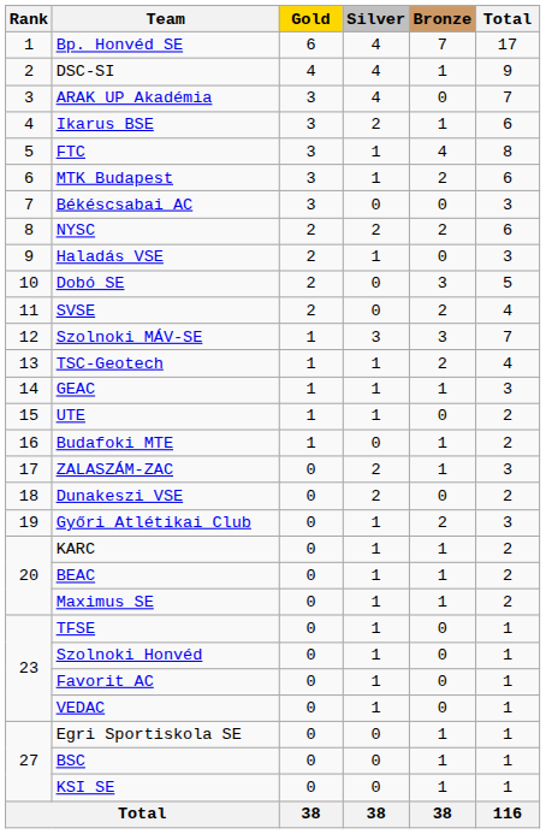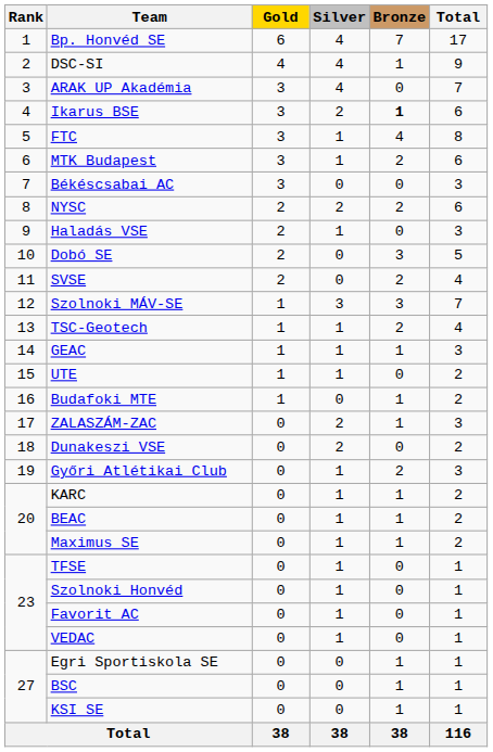 <table class="wikitable sortable" style="text-align:center">
 <tr>
 <th>Rank</th>
 <th width="175">Team</th>
 <th width=45; style="background-color:gold;">Gold</th>
 <th width=45; style="background-color:silver;">Silver</th>
 <th width=45; style="background-color:#cc9966;">Bronze</th>
 <th width="45">Total</th>
 </tr>
 <tr>
 <td>1</td>
 <td align=left><a href='#'>Bp. Honvéd SE</a></td>
 <td>6</td>
 <td>4</td>
 <td>7</td>
 <td>17</td>
 </tr>
 <tr>
 <td>2</td>
 <td align=left>DSC-SI</td>
 <td>4</td>
 <td>4</td>
 <td>1</td>
 <td>9</td>
 </tr>
 <tr>
 <td>3</td>
 <td align=left><a href='#'>ARAK UP Akadémia</a></td>
 <td>3</td>
 <td>4</td>
 <td>0</td>
 <td>7</td>
 </tr>
 <tr>
 <td>4</td>
 <td align=left><a href='#'>Ikarus BSE</a></td>
 <td>3</td>
 <td>2</td>
-<td>1</td>
+<td><strong>1</strong></td>
 <td>6</td>
 </tr>
 <tr>
 <td>5</td>
 <td align=left><a href='#'>FTC</a></td>
 <td>3</td>
 <td>1</td>
 <td>4</td>
 <td>8</td>
 </tr>
 <tr>
 <td>6</td>
 <td align=left><a href='#'>MTK Budapest</a></td>
 <td>3</td>
 <td>1</td>
 <td>2</td>
 <td>6</td>
 </tr>
 <tr>
 <td>7</td>
 <td align=left><a href='#'>Békéscsabai AC</a></td>
 <td>3</td>
 <td>0</td>
 <td>0</td>
 <td>3</td>
 </tr>
 <tr>
 <td>8</td>
 <td align=left><a href='#'>NYSC</a></td>
 <td>2</td>
 <td>2</td>
 <td>2</td>
 <td>6</td>
 </tr>
 <tr>
 <td>9</td>
 <td align=left><a href='#'>Haladás VSE</a></td>
 <td>2</td>
 <td>1</td>
 <td>0</td>
 <td>3</td>
 </tr>
 <tr>
 <td>10</td>
 <td align=left><a href='#'>Dobó SE</a></td>
 <td>2</td>
 <td>0</td>
 <td>3</td>
 <td>5</td>
 </tr>
 <tr>
 <td>11</td>
 <td align=left><a href='#'>SVSE</a></td>
 <td>2</td>
 <td>0</td>
 <td>2</td>
 <td>4</td>
 </tr>
 <tr>
 <td>12</td>
 <td align=left><a href='#'>Szolnoki MÁV-SE</a></td>
 <td>1</td>
 <td>3</td>
 <td>3</td>
 <td>7</td>
 </tr>
 <tr>
 <td>13</td>
 <td align=left><a href='#'>TSC-Geotech</a></td>
 <td>1</td>
 <td>1</td>
 <td>2</td>
 <td>4</td>
 </tr>
 <tr>
 <td>14</td>
 <td align=left><a href='#'>GEAC</a></td>
 <td>1</td>
 <td>1</td>
 <td>1</td>
 <td>3</td>
 </tr>
 <tr>
 <td>15</td>
 <td align=left><a href='#'>UTE</a></td>
 <td>1</td>
 <td>1</td>
 <td>0</td>
 <td>2</td>
 </tr>
 <tr>
 <td>16</td>
 <td align=left><a href='#'>Budafoki MTE</a></td>
 <td>1</td>
 <td>0</td>
 <td>1</td>
 <td>2</td>
 </tr>
 <tr>
 <td>17</td>
 <td align=left><a href='#'>ZALASZÁM-ZAC</a></td>
 <td>0</td>
 <td>2</td>
 <td>1</td>
 <td>3</td>
 </tr>
 <tr>
 <td>18</td>
 <td align=left><a href='#'>Dunakeszi VSE</a></td>
 <td>0</td>
 <td>2</td>
 <td>0</td>
 <td>2</td>
 </tr>
 <tr>
 <td>19</td>
 <td align=left><a href='#'>Győri Atlétikai Club</a></td>
 <td>0</td>
 <td>1</td>
 <td>2</td>
 <td>3</td>
 </tr>
 <tr>
 <td rowspan="3">20</td>
 <td align=left>KARC</td>
 <td>0</td>
 <td>1</td>
 <td>1</td>
 <td>2</td>
 </tr>
 <tr>
 <td align=left><a href='#'>BEAC</a></td>
 <td>0</td>
 <td>1</td>
 <td>1</td>
 <td>2</td>
 </tr>
 <tr>
 <td align=left><a href='#'>Maximus SE</a></td>
 <td>0</td>
 <td>1</td>
 <td>1</td>
 <td>2</td>
 </tr>
 <tr>
 <td rowspan="4">23</td>
 <td align=left><a href='#'>TFSE</a></td>
 <td>0</td>
 <td>1</td>
 <td>0</td>
 <td>1</td>
 </tr>
 <tr>
 <td align=left><a href='#'>Szolnoki Honvéd</a></td>
 <td>0</td>
 <td>1</td>
 <td>0</td>
 <td>1</td>
 </tr>
 <tr>
 <td align=left><a href='#'>Favorit AC</a></td>
 <td>0</td>
 <td>1</td>
 <td>0</td>
 <td>1</td>
 </tr>
 <tr>
 <td align=left><a href='#'>VEDAC</a></td>
 <td>0</td>
 <td>1</td>
 <td>0</td>
 <td>1</td>
 </tr>
 <tr>
 <td rowspan="3">27</td>
 <td align=left>Egri Sportiskola SE</td>
 <td>0</td>
 <td>0</td>
 <td>1</td>
 <td>1</td>
 </tr>
 <tr>
 <td align=left><a href='#'>BSC</a></td>
 <td>0</td>
 <td>0</td>
 <td>1</td>
 <td>1</td>
 </tr>
 <tr>
 <td align=left><a href='#'>KSI SE</a></td>
 <td>0</td>
 <td>0</td>
 <td>1</td>
 <td>1</td>
 </tr>
 <tr>
 <th colspan="2">Total</th>
 <th>38</th>
 <th>38</th>
 <th>38</th>
 <th>116</th>
 </tr>
 </table>
